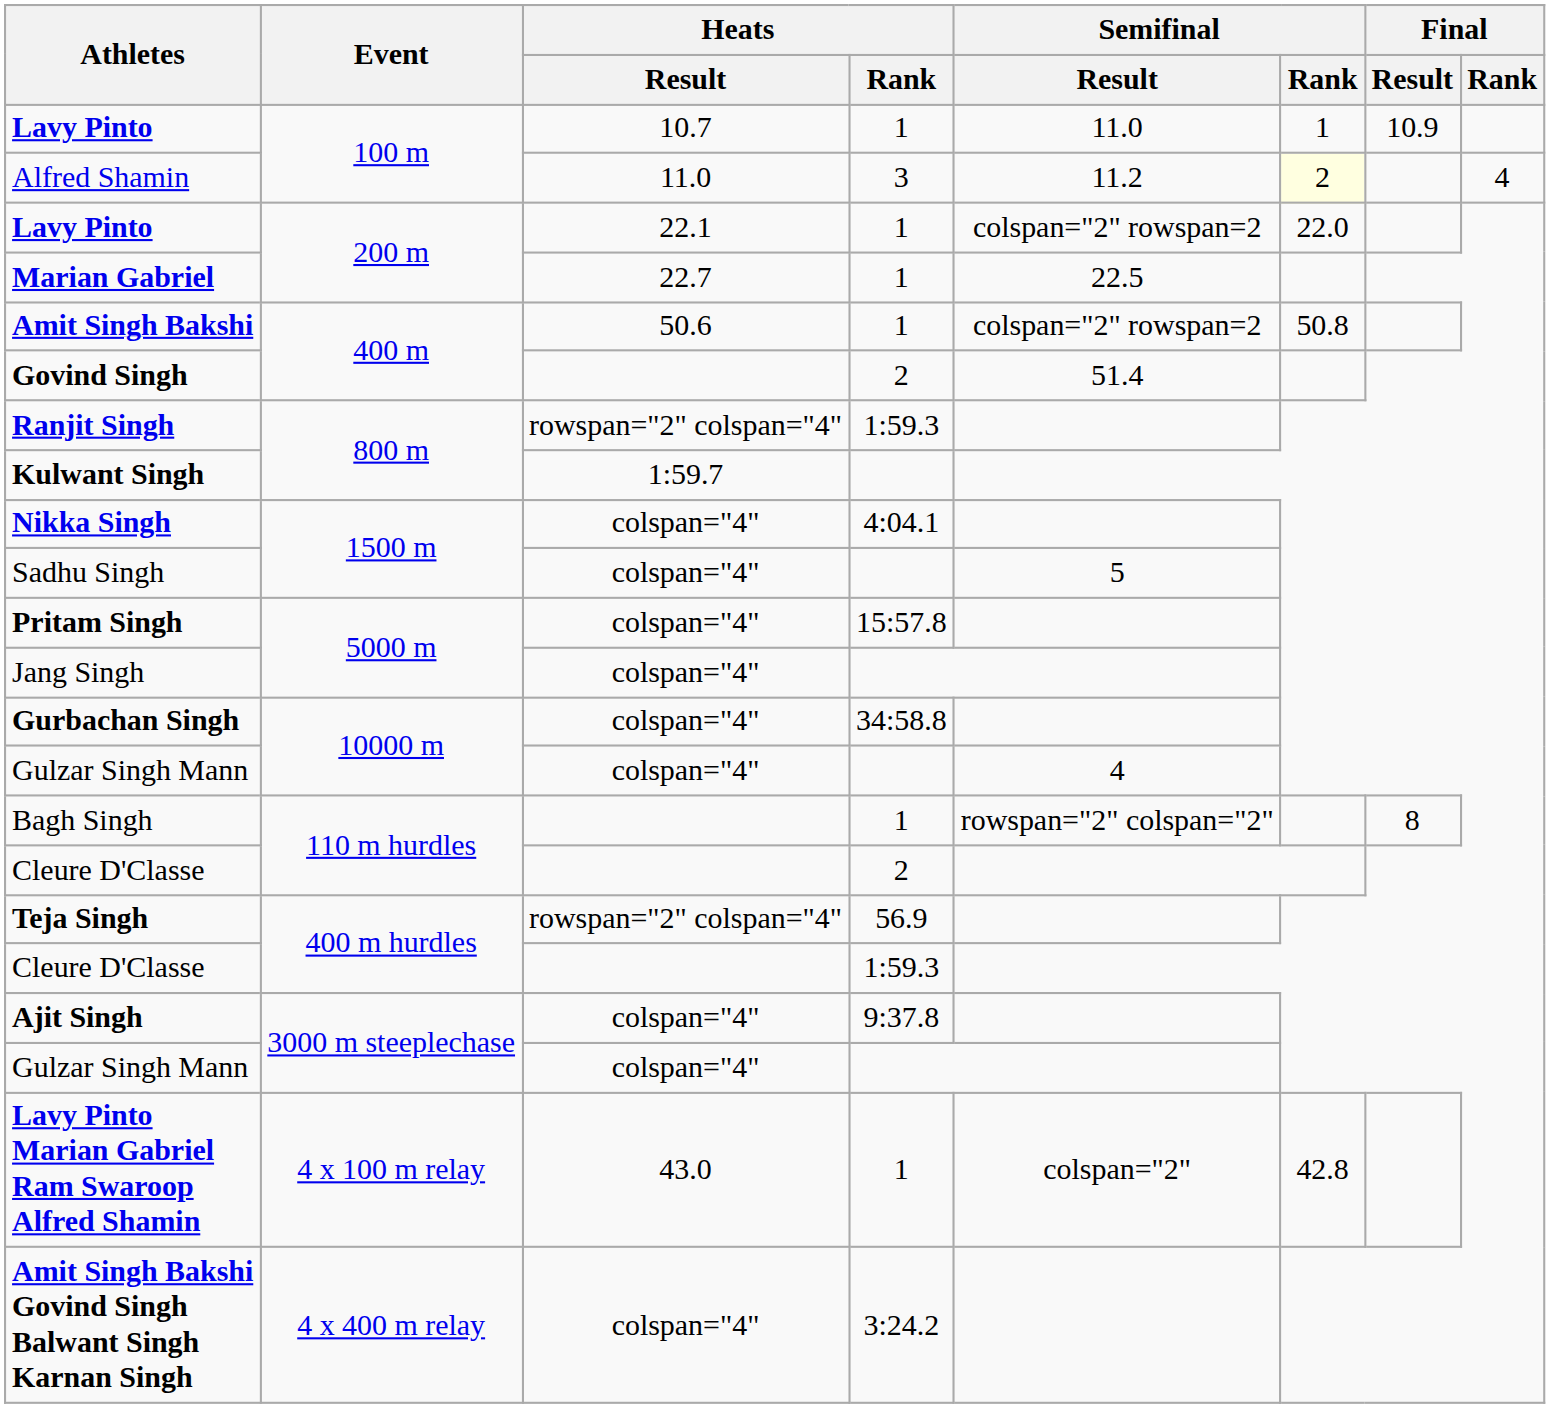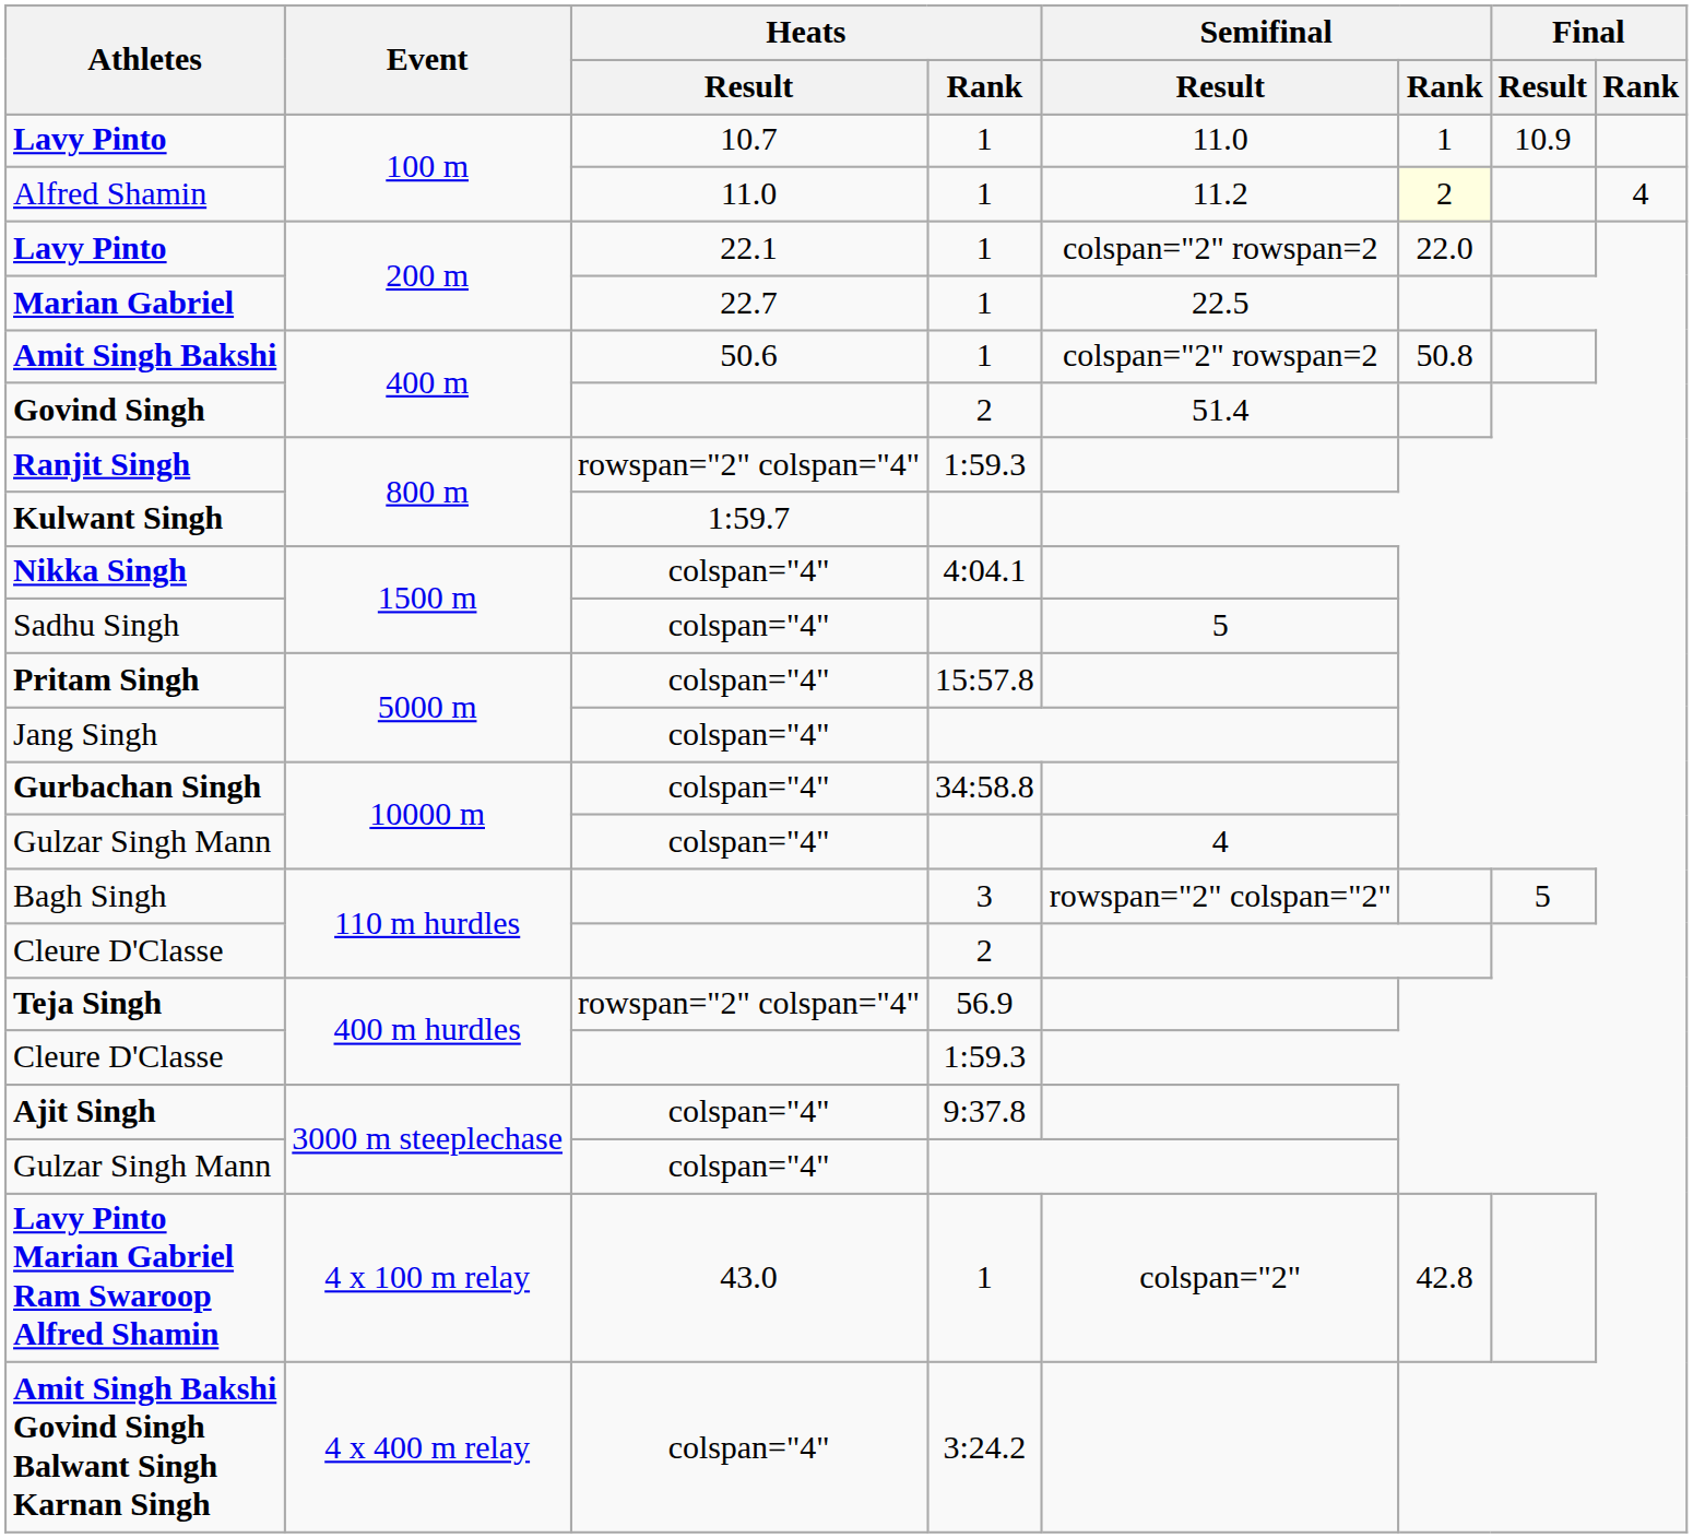 <table class="wikitable" style="text-align:center; font-size:90%">
 <tr>
 <th rowspan=2>Athletes</th>
 <th rowspan=2>Event</th>
 <th colspan=2>Heats</th>
 <th colspan=2>Semifinal</th>
 <th colspan=2>Final</th>
 </tr>
 <tr>
 <th>Result</th>
 <th>Rank</th>
 <th>Result</th>
 <th>Rank</th>
 <th>Result</th>
 <th>Rank</th>
 </tr>
 <tr>
 <td style="text-align:left"><strong><a href='#'>Lavy Pinto</a></strong></td>
 <td rowspan=2><a href='#'>100 m</a></td>
 <td>10.7</td>
 <td>1 <strong></strong></td>
 <td>11.0</td>
 <td>1 <strong></strong></td>
 <td>10.9</td>
 <td></td>
 </tr>
 <tr>
 <td style="text-align:left"><a href='#'>Alfred Shamin</a></td>
 <td>11.0</td>
-<td>3 <strong></strong></td>
+<td>1 <strong></strong></td>
 <td>11.2</td>
 <td style="background: lightyellow;">2 <strong></strong></td>
 <td></td>
 <td>4</td>
 </tr>
 <tr>
 <td style="text-align:left"><strong><a href='#'>Lavy Pinto</a></strong></td>
 <td rowspan=2><a href='#'>200 m</a></td>
 <td>22.1</td>
 <td>1 <strong></strong></td>
 <td>colspan="2" rowspan=2 </td>
 <td>22.0</td>
 <td></td>
 </tr>
 <tr>
 <td style="text-align:left"><strong><a href='#'>Marian Gabriel</a></strong></td>
 <td>22.7</td>
 <td>1 <strong></strong></td>
 <td>22.5</td>
 <td></td>
 </tr>
 <tr>
 <td style="text-align:left"><strong><a href='#'>Amit Singh Bakshi</a></strong></td>
 <td rowspan="2"><a href='#'>400 m</a></td>
 <td>50.6</td>
 <td>1 <strong></strong></td>
 <td>colspan="2" rowspan=2 </td>
 <td>50.8</td>
 <td></td>
 </tr>
 <tr>
 <td style="text-align:left"><strong>Govind Singh</strong></td>
 <td></td>
 <td>2 <strong></strong></td>
 <td>51.4</td>
 <td></td>
 </tr>
 <tr>
 <td style="text-align:left"><strong><a href='#'>Ranjit Singh</a></strong></td>
 <td rowspan="2"><a href='#'>800 m</a></td>
 <td>rowspan="2" colspan="4"</td>
 <td>1:59.3</td>
 <td></td>
 </tr>
 <tr>
 <td style="text-align:left"><strong>Kulwant Singh</strong></td>
 <td>1:59.7</td>
 <td></td>
 </tr>
 <tr>
 <td style="text-align:left"><strong><a href='#'>Nikka Singh</a></strong></td>
 <td rowspan=2><a href='#'>1500 m</a></td>
 <td>colspan="4" </td>
 <td>4:04.1</td>
 <td></td>
 </tr>
 <tr>
 <td style="text-align:left">Sadhu Singh</td>
 <td>colspan="4" </td>
 <td></td>
 <td>5</td>
 </tr>
 <tr>
 <td style="text-align:left"><strong>Pritam Singh</strong></td>
 <td rowspan=2><a href='#'>5000 m</a></td>
 <td>colspan="4"</td>
 <td>15:57.8</td>
 <td></td>
 </tr>
 <tr>
 <td style="text-align:left">Jang Singh</td>
 <td>colspan="4"</td>
 <td colspan=2></td>
 </tr>
 <tr>
 <td style="text-align:left"><strong>Gurbachan Singh</strong></td>
 <td rowspan=2><a href='#'>10000 m</a></td>
 <td>colspan="4"</td>
 <td>34:58.8</td>
 <td></td>
 </tr>
 <tr>
 <td style="text-align:left">Gulzar Singh Mann</td>
 <td>colspan="4"</td>
 <td></td>
 <td>4</td>
 </tr>
 <tr>
 <td style="text-align:left">Bagh Singh</td>
 <td rowspan="2"><a href='#'>110 m hurdles</a></td>
 <td></td>
-<td>1 <strong></strong></td>
+<td>3 <strong></strong></td>
 <td>rowspan="2" colspan="2"</td>
 <td></td>
-<td>8</td>
+<td>5</td>
 </tr>
 <tr>
 <td style="text-align:left">Cleure D'Classe</td>
 <td></td>
 <td>2 <strong></strong></td>
 <td colspan="2"></td>
 </tr>
 <tr>
 <td style="text-align:left"><strong>Teja Singh</strong></td>
 <td rowspan=2><a href='#'>400 m hurdles</a></td>
 <td>rowspan="2" colspan="4"</td>
 <td>56.9</td>
 <td></td>
 </tr>
 <tr>
 <td style="text-align:left">Cleure D'Classe</td>
 <td></td>
 <td>1:59.3</td>
 </tr>
 <tr>
 <td style="text-align:left"><strong>Ajit Singh</strong></td>
 <td rowspan=2><a href='#'>3000 m steeplechase</a></td>
 <td>colspan="4" </td>
 <td>9:37.8</td>
 <td></td>
 </tr>
 <tr>
 <td style="text-align:left">Gulzar Singh Mann</td>
 <td>colspan="4" </td>
 <td colspan=2></td>
 </tr>
 <tr>
 <td style="text-align:left"><strong><a href='#'>Lavy Pinto</a><br><a href='#'>Marian Gabriel</a><br><a href='#'>Ram Swaroop</a><br><a href='#'>Alfred Shamin</a></strong></td>
 <td><a href='#'>4 x 100 m relay</a></td>
 <td>43.0</td>
 <td>1 <strong></strong></td>
 <td>colspan="2" </td>
 <td>42.8</td>
 <td></td>
 </tr>
 <tr>
 <td style="text-align:left"><strong><a href='#'>Amit Singh Bakshi</a><br>Govind Singh<br>Balwant Singh<br>Karnan Singh</strong></td>
 <td><a href='#'>4 x 400 m relay</a></td>
 <td>colspan="4" </td>
 <td>3:24.2</td>
 <td></td>
 </tr>
 </table>
